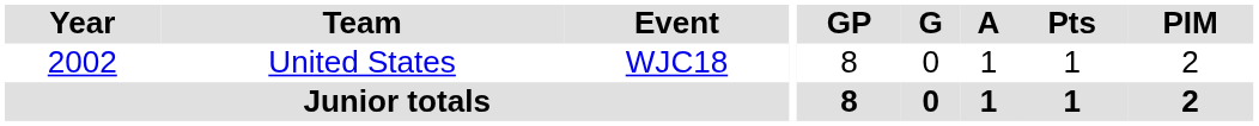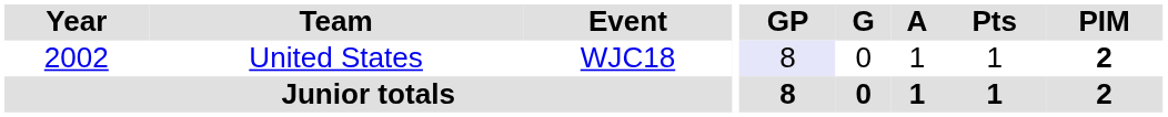 <table border="0" cellpadding="1" cellspacing="0" ID="Table3" style="text-align:center; width:40em">
 <tr bgcolor="#e0e0e0">
 <th>Year</th>
 <th>Team</th>
 <th>Event</th>
 <th rowspan="102" bgcolor="#ffffff"></th>
 <th>GP</th>
 <th>G</th>
 <th>A</th>
 <th>Pts</th>
 <th>PIM</th>
 </tr>
 <tr>
 <td><a href='#'>2002</a></td>
 <td><a href='#'>United States</a></td>
 <td><a href='#'>WJC18</a></td>
-<td>8</td>
+<td style="background: lavender;">8</td>
 <td>0</td>
 <td>1</td>
 <td>1</td>
-<td>2</td>
+<td><strong>2</strong></td>
 </tr>
 <tr bgcolor="#e0e0e0">
 <th colspan="3">Junior totals</th>
 <th>8</th>
 <th>0</th>
 <th>1</th>
 <th>1</th>
 <th>2</th>
 </tr>
 </table>
